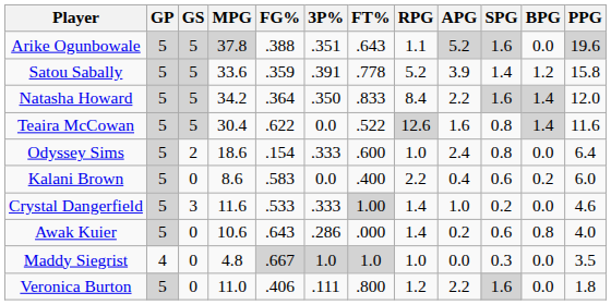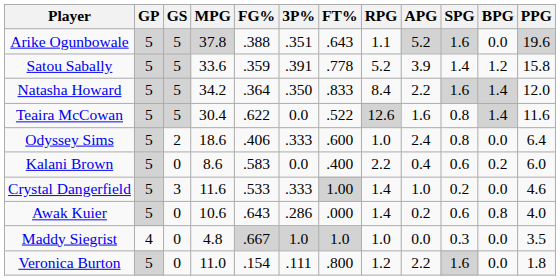 <table class="wikitable sortable" style="text-align:center;">
 <tr>
 <th>Player</th>
 <th>GP</th>
 <th>GS</th>
 <th>MPG</th>
 <th>FG%</th>
 <th>3P%</th>
 <th>FT%</th>
 <th>RPG</th>
 <th>APG</th>
 <th>SPG</th>
 <th>BPG</th>
 <th>PPG</th>
 </tr>
 <tr>
 <td><a href='#'>Arike Ogunbowale</a></td>
 <td style="background:#D3D3D3;">5</td>
 <td style="background:#D3D3D3;">5</td>
 <td style="background:#D3D3D3;">37.8</td>
 <td>.388</td>
 <td>.351</td>
 <td>.643</td>
 <td>1.1</td>
 <td style="background:#D3D3D3;">5.2</td>
 <td style="background:#D3D3D3;">1.6</td>
 <td>0.0</td>
 <td style="background:#D3D3D3;">19.6</td>
 </tr>
 <tr>
 <td><a href='#'>Satou Sabally</a></td>
 <td style="background:#D3D3D3;">5</td>
 <td style="background:#D3D3D3;">5</td>
 <td>33.6</td>
 <td>.359</td>
 <td>.391</td>
 <td>.778</td>
 <td>5.2</td>
 <td>3.9</td>
 <td>1.4</td>
 <td>1.2</td>
 <td>15.8</td>
 </tr>
 <tr>
 <td><a href='#'>Natasha Howard</a></td>
 <td style="background:#D3D3D3;">5</td>
 <td style="background:#D3D3D3;">5</td>
 <td>34.2</td>
 <td>.364</td>
 <td>.350</td>
 <td>.833</td>
 <td>8.4</td>
 <td>2.2</td>
 <td style="background:#D3D3D3;">1.6</td>
 <td style="background:#D3D3D3;">1.4</td>
 <td>12.0</td>
 </tr>
 <tr>
 <td><a href='#'>Teaira McCowan</a></td>
 <td style="background:#D3D3D3;">5</td>
 <td style="background:#D3D3D3;">5</td>
 <td>30.4</td>
 <td>.622</td>
 <td>0.0</td>
 <td>.522</td>
 <td style="background:#D3D3D3;">12.6</td>
 <td>1.6</td>
 <td>0.8</td>
 <td style="background:#D3D3D3;">1.4</td>
 <td>11.6</td>
 </tr>
 <tr>
 <td><a href='#'>Odyssey Sims</a></td>
 <td style="background:#D3D3D3;">5</td>
 <td>2</td>
 <td>18.6</td>
-<td>.154</td>
+<td>.406</td>
 <td>.333</td>
 <td>.600</td>
 <td>1.0</td>
 <td>2.4</td>
 <td>0.8</td>
 <td>0.0</td>
 <td>6.4</td>
 </tr>
 <tr>
 <td><a href='#'>Kalani Brown</a></td>
 <td style="background:#D3D3D3;">5</td>
 <td>0</td>
 <td>8.6</td>
 <td>.583</td>
 <td>0.0</td>
 <td>.400</td>
 <td>2.2</td>
 <td>0.4</td>
 <td>0.6</td>
 <td>0.2</td>
 <td>6.0</td>
 </tr>
 <tr>
 <td><a href='#'>Crystal Dangerfield</a></td>
 <td style="background:#D3D3D3;">5</td>
 <td>3</td>
 <td>11.6</td>
 <td>.533</td>
 <td>.333</td>
 <td style="background:#D3D3D3;">1.00</td>
 <td>1.4</td>
 <td>1.0</td>
 <td>0.2</td>
 <td>0.0</td>
 <td>4.6</td>
 </tr>
 <tr>
 <td><a href='#'>Awak Kuier</a></td>
 <td style="background:#D3D3D3;">5</td>
 <td>0</td>
 <td>10.6</td>
 <td>.643</td>
 <td>.286</td>
 <td>.000</td>
 <td>1.4</td>
 <td>0.2</td>
 <td>0.6</td>
 <td>0.8</td>
 <td>4.0</td>
 </tr>
 <tr>
 <td><a href='#'>Maddy Siegrist</a></td>
 <td>4</td>
 <td>0</td>
 <td>4.8</td>
 <td style="background:#D3D3D3;">.667</td>
 <td style="background:#D3D3D3;">1.0</td>
 <td style="background:#D3D3D3;">1.0</td>
 <td>1.0</td>
 <td>0.0</td>
 <td>0.3</td>
 <td>0.0</td>
 <td>3.5</td>
 </tr>
 <tr>
 <td><a href='#'>Veronica Burton</a></td>
 <td style="background:#D3D3D3;">5</td>
 <td>0</td>
 <td>11.0</td>
-<td>.406</td>
+<td>.154</td>
 <td>.111</td>
 <td>.800</td>
 <td>1.2</td>
 <td>2.2</td>
 <td style="background:#D3D3D3;">1.6</td>
 <td>0.0</td>
 <td>1.8</td>
 </tr>
 </table>
